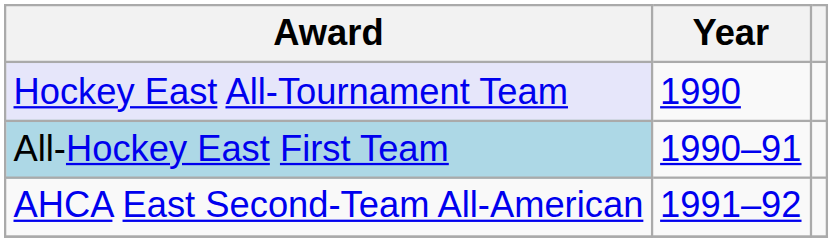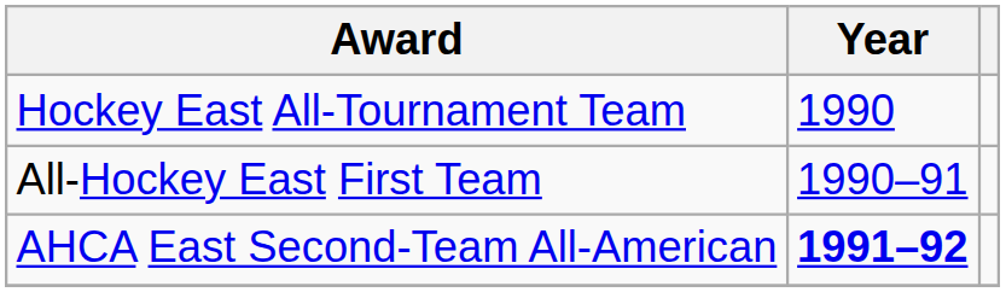 <table class="wikitable">
 <tr>
 <th>Award</th>
 <th>Year</th>
 <th></th>
 </tr>
 <tr>
-<td style="background: lavender;"><a href='#'>Hockey East</a> <a href='#'>All-Tournament Team</a></td>
+<td><a href='#'>Hockey East</a> <a href='#'>All-Tournament Team</a></td>
 <td><a href='#'>1990</a></td>
 <td></td>
 </tr>
 <tr>
-<td style="background: lightblue;">All-<a href='#'>Hockey East</a> <a href='#'>First Team</a></td>
+<td>All-<a href='#'>Hockey East</a> <a href='#'>First Team</a></td>
 <td><a href='#'>1990–91</a></td>
 <td></td>
 </tr>
 <tr>
 <td><a href='#'>AHCA</a> <a href='#'>East Second-Team All-American</a></td>
-<td><a href='#'>1991–92</a></td>
+<td><strong><a href='#'>1991–92</a></strong></td>
 <td></td>
 </tr>
 <tr>
 </tr>
 </table>
